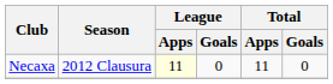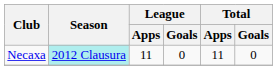 <table class="wikitable" style="text-align: center;">
 <tr>
 <th rowspan="2">Club</th>
 <th rowspan="2">Season</th>
 <th colspan="2">League</th>
 <th colspan="2">Total</th>
 </tr>
 <tr>
 <th>Apps</th>
 <th>Goals</th>
 <th>Apps</th>
 <th>Goals</th>
 </tr>
 <tr>
 <td rowspan="1" style="text-align:center;"><a href='#'>Necaxa</a></td>
-<td !colspan="2"><a href='#'>2012 Clausura</a></td>
-<td style="background: lightyellow;">11</td>
+<td !colspan="2" style="background: paleturquoise;"><a href='#'>2012 Clausura</a></td>
+<td>11</td>
 <td>0</td>
 <td>11</td>
 <td>0</td>
 </tr>
 <tr>
 </tr>
 </table>
